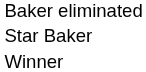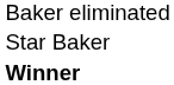 <table>
 <tr>
 <td> Baker eliminated</td>
 </tr>
 <tr>
 <td> Star Baker</td>
 </tr>
 <tr>
-<td> Winner</td>
+<td><strong> Winner</strong></td>
 </tr>
 </table>
